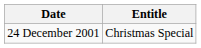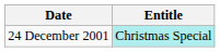 <table class="wikitable" style="text-align:center;">
 <tr>
 <th>Date</th>
 <th>Entitle</th>
 </tr>
 <tr>
 <td>24 December 2001</td>
-<td>Christmas Special</td>
+<td style="background: paleturquoise;">Christmas Special</td>
 </tr>
 </table>
